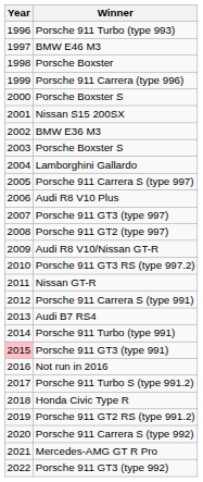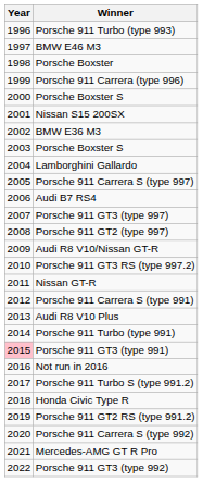 <table class="wikitable">
 <tr>
 <th>Year</th>
 <th>Winner</th>
 </tr>
 <tr>
 <td>1996</td>
 <td>Porsche 911 Turbo (type 993)</td>
 </tr>
 <tr>
 <td>1997</td>
 <td>BMW E46 M3</td>
 </tr>
 <tr>
 <td>1998</td>
 <td>Porsche Boxster</td>
 </tr>
 <tr>
 <td>1999</td>
 <td>Porsche 911 Carrera (type 996)</td>
 </tr>
 <tr>
 <td>2000</td>
 <td>Porsche Boxster S</td>
 </tr>
 <tr>
 <td>2001</td>
 <td>Nissan S15 200SX</td>
 </tr>
 <tr>
 <td>2002</td>
 <td>BMW E36 M3</td>
 </tr>
 <tr>
 <td>2003</td>
 <td>Porsche Boxster S</td>
 </tr>
 <tr>
 <td>2004</td>
 <td>Lamborghini Gallardo</td>
 </tr>
 <tr>
 <td>2005</td>
 <td>Porsche 911 Carrera S (type 997)</td>
 </tr>
 <tr>
 <td>2006</td>
-<td>Audi R8 V10 Plus</td>
+<td>Audi B7 RS4</td>
 </tr>
 <tr>
 <td>2007</td>
 <td>Porsche 911 GT3 (type 997)</td>
 </tr>
 <tr>
 <td>2008</td>
 <td>Porsche 911 GT2 (type 997)</td>
 </tr>
 <tr>
 <td>2009</td>
 <td>Audi R8 V10/Nissan GT-R</td>
 </tr>
 <tr>
 <td>2010</td>
 <td>Porsche 911 GT3 RS (type 997.2)</td>
 </tr>
 <tr>
 <td>2011</td>
 <td>Nissan GT-R</td>
 </tr>
 <tr>
 <td>2012</td>
 <td>Porsche 911 Carrera S (type 991)</td>
 </tr>
 <tr>
 <td>2013</td>
-<td>Audi B7 RS4</td>
+<td>Audi R8 V10 Plus</td>
 </tr>
 <tr>
 <td>2014</td>
 <td>Porsche 911 Turbo (type 991)</td>
 </tr>
 <tr>
 <td style="background: pink;">2015</td>
 <td>Porsche 911 GT3 (type 991)</td>
 </tr>
 <tr>
 <td>2016</td>
 <td>Not run in 2016</td>
 </tr>
 <tr>
 <td>2017</td>
 <td>Porsche 911 Turbo S (type 991.2)</td>
 </tr>
 <tr>
 <td>2018</td>
 <td>Honda Civic Type R</td>
 </tr>
 <tr>
 <td>2019</td>
 <td>Porsche 911 GT2 RS (type 991.2)</td>
 </tr>
 <tr>
 <td>2020</td>
 <td>Porsche 911 Carrera S (type 992)</td>
 </tr>
 <tr>
 <td>2021</td>
 <td>Mercedes-AMG GT R Pro</td>
 </tr>
 <tr>
 <td>2022</td>
 <td>Porsche 911 GT3 (type 992)</td>
 </tr>
 </table>
